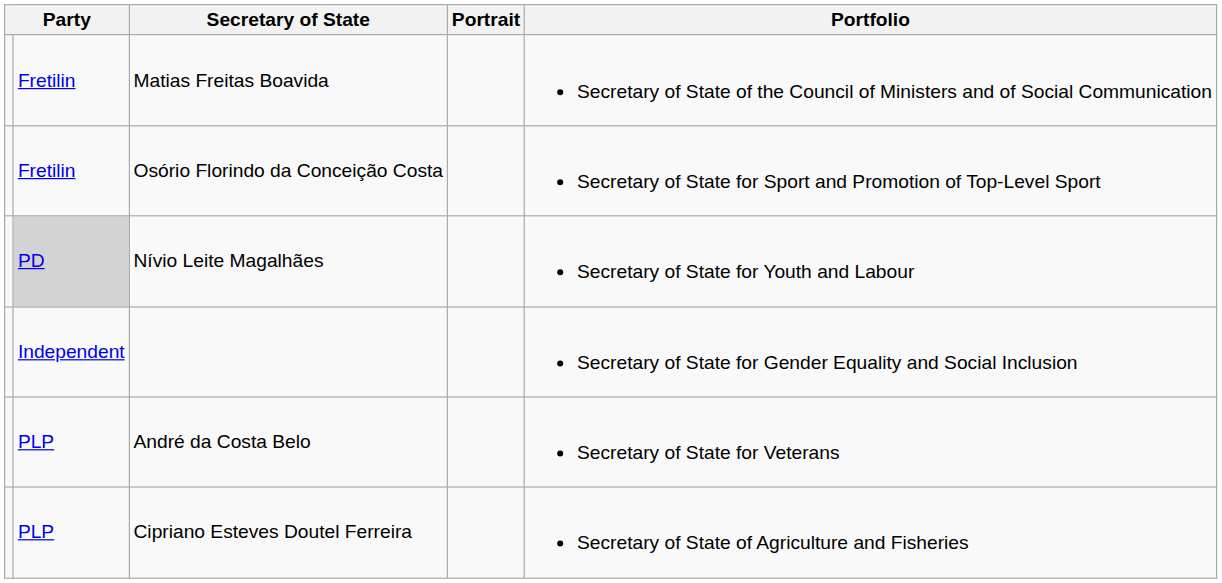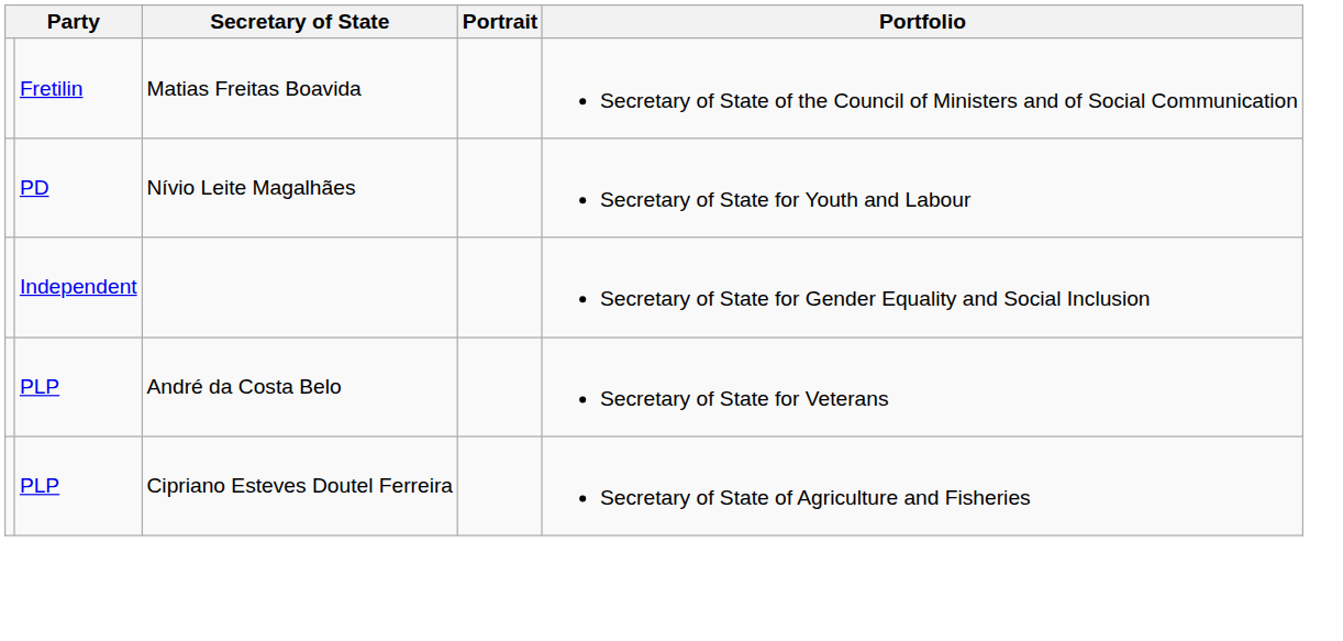 <table class="wikitable sortable">
 <tr>
 <th colspan="2">Party</th>
 <th>Secretary of State</th>
 <th>Portrait</th>
 <th>Portfolio</th>
 </tr>
 <tr>
 <td style="background:"></td>
 <td><a href='#'>Fretilin</a></td>
 <td>Matias Freitas Boavida</td>
 <td></td>
 <td><br><ul><li>Secretary of State of the Council of Ministers and of Social Communication</li></ul></td>
 </tr>
 <tr>
 <td style="background:"></td>
-<td><a href='#'>Fretilin</a></td>
-<td>Osório Florindo da Conceição Costa</td>
-<td></td>
-<td><br><ul><li>Secretary of State for Sport and Promotion of Top-Level Sport</li></ul></td>
-</tr>
-<tr>
-<td style="background:"></td>
-<td style="background: lightgrey;"><a href='#'>PD</a></td>
+<td><a href='#'>PD</a></td>
 <td>Nívio Leite Magalhães</td>
 <td></td>
 <td><br><ul><li>Secretary of State for Youth and Labour</li></ul></td>
 </tr>
 <tr>
 <td style="background:"></td>
 <td><a href='#'>Independent</a></td>
 <td></td>
 <td></td>
 <td><br><ul><li>Secretary of State for Gender Equality and Social Inclusion</li></ul></td>
 </tr>
 <tr>
 <td style="background:"></td>
 <td><a href='#'>PLP</a></td>
 <td>André da Costa Belo</td>
 <td></td>
 <td><br><ul><li>Secretary of State for Veterans</li></ul></td>
 </tr>
 <tr>
 <td style="background:"></td>
 <td><a href='#'>PLP</a></td>
 <td>Cipriano Esteves Doutel Ferreira</td>
 <td></td>
 <td><br><ul><li>Secretary of State of Agriculture and Fisheries</li></ul></td>
 </tr>
 </table>
